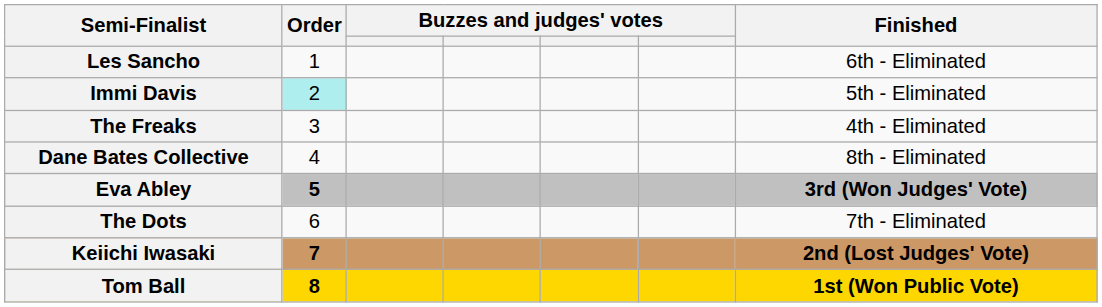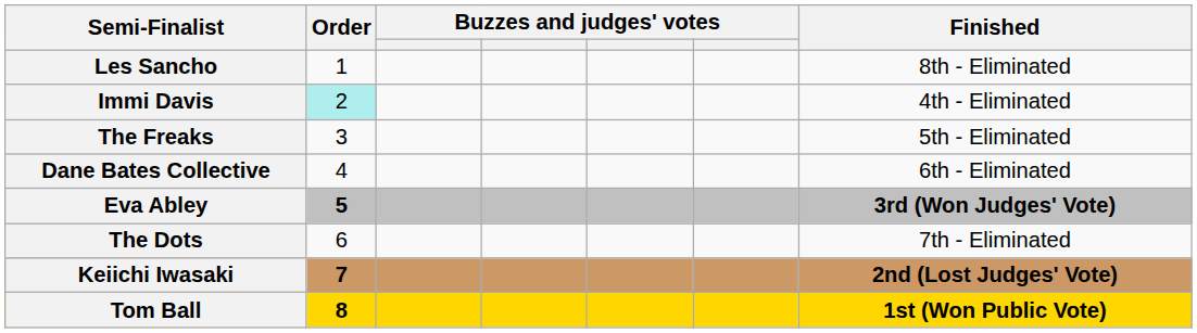 <table class="wikitable plainrowheaders sortable" style="text-align:center;">
 <tr>
 <th scope="col" rowspan="2" class="unsortable" style="width:17em;">Semi-Finalist</th>
 <th scope="col" rowspan="2" style="width:1em;">Order</th>
 <th scope="col" colspan="4" class="unsortable" style="width:24em;">Buzzes and judges' votes</th>
 <th scope="col" rowspan="2" style="width:23em;">Finished</th>
 </tr>
 <tr>
 <th scope="col" class="unsortable" style="width:6em;"></th>
 <th scope="col" class="unsortable" style="width:6em;"></th>
 <th scope="col" class="unsortable" style="width:6em;"></th>
 <th scope="col" class="unsortable" style="width:6em;"></th>
 </tr>
 <tr>
 <th scope="row">Les Sancho</th>
 <td>1</td>
 <td style="text-align:center;"></td>
 <td style="text-align:center;"></td>
 <td style="text-align:center;"></td>
 <td style="text-align:center;"></td>
-<td>6th - Eliminated</td>
+<td>8th - Eliminated</td>
 </tr>
 <tr>
 <th scope="row">Immi Davis</th>
 <td style="background: paleturquoise;">2</td>
 <td style="text-align:center;"></td>
 <td style="text-align:center;"></td>
 <td style="text-align:center;"></td>
 <td style="text-align:center;"></td>
-<td>5th - Eliminated</td>
+<td>4th - Eliminated</td>
 </tr>
 <tr>
 <th scope="row">The Freaks</th>
 <td>3</td>
 <td style="text-align:center;"></td>
 <td style="text-align:center;"></td>
 <td style="text-align:center;"></td>
 <td style="text-align:center;"></td>
-<td>4th - Eliminated</td>
+<td>5th - Eliminated</td>
 </tr>
 <tr>
 <th scope="row">Dane Bates Collective</th>
 <td>4</td>
 <td style="text-align:center;"></td>
 <td style="text-align:center;"></td>
 <td style="text-align:center;"></td>
 <td style="text-align:center;"></td>
-<td>8th - Eliminated</td>
+<td>6th - Eliminated</td>
 </tr>
 <tr bgcolor=silver>
 <th scope="row"><strong>Eva Abley</strong></th>
 <td><strong>5</strong></td>
 <td style="text-align:center;"></td>
 <td style="text-align:center;"></td>
 <td style="text-align:center;"></td>
 <td style="text-align:center;"></td>
 <td><strong>3rd (Won Judges' Vote)</strong></td>
 </tr>
 <tr>
 <th scope="row">The Dots</th>
 <td>6</td>
 <td style="text-align:center;"></td>
 <td style="text-align:center;"></td>
 <td style="text-align:center;"></td>
 <td style="text-align:center;"></td>
 <td>7th - Eliminated</td>
 </tr>
 <tr bgcolor=#c96>
 <th scope="row"><strong>Keiichi Iwasaki</strong></th>
 <td><strong>7</strong></td>
 <td style="text-align:center;"></td>
 <td style="text-align:center;"></td>
 <td style="text-align:center;"></td>
 <td style="text-align:center;"></td>
 <td><strong>2nd (Lost Judges' Vote)</strong></td>
 </tr>
 <tr bgcolor=gold>
 <th scope="row"><strong>Tom Ball</strong></th>
 <td><strong>8</strong></td>
 <td style="text-align:center;"></td>
 <td style="text-align:center;"></td>
 <td style="text-align:center;"></td>
 <td style="text-align:center;"></td>
 <td><strong>1st (Won Public Vote)</strong></td>
 </tr>
 </table>
